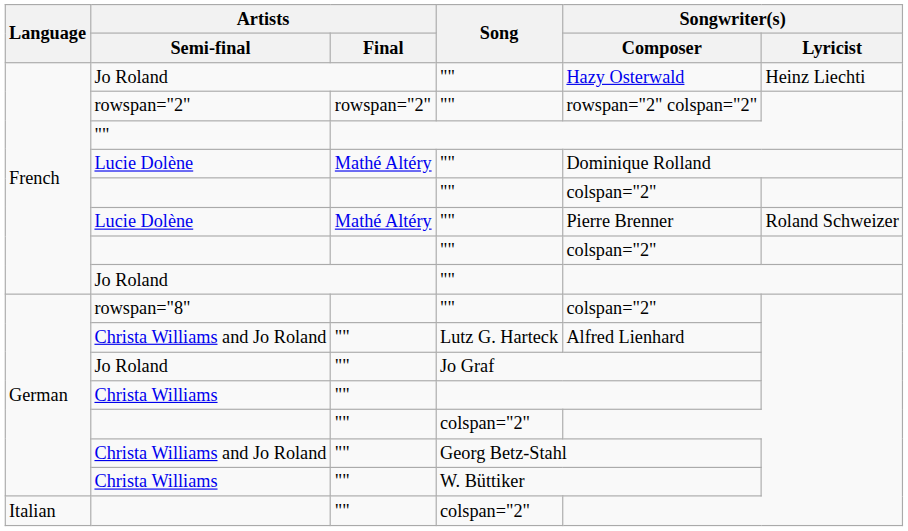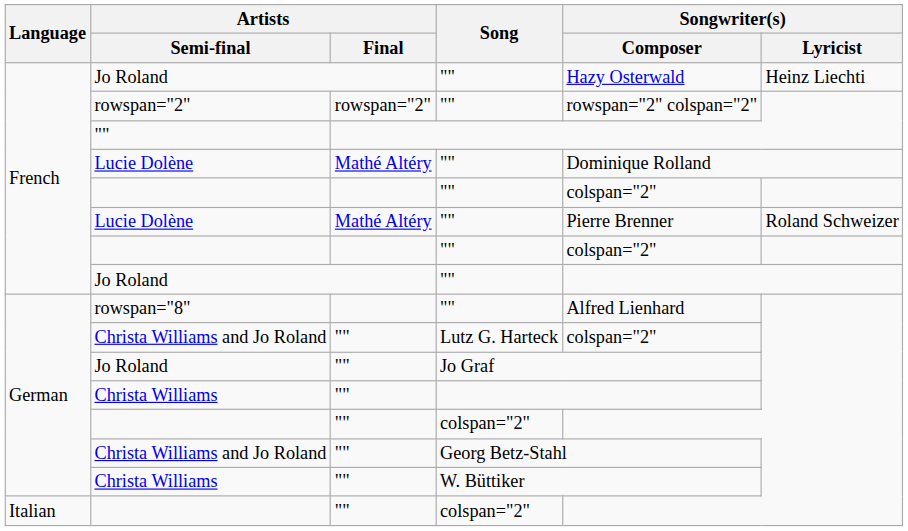 <table class="sortable wikitable" style="margin: 1em auto 1em auto; text-align:left">
 <tr>
 <th rowspan="2">Language</th>
 <th colspan="2">Artists</th>
 <th rowspan="2">Song</th>
 <th colspan="2">Songwriter(s)</th>
 </tr>
 <tr>
 <th>Semi-final</th>
 <th>Final</th>
 <th>Composer</th>
 <th>Lyricist</th>
 </tr>
 <tr>
 <td rowspan="8">French</td>
 <td colspan="2">Jo Roland</td>
 <td>""</td>
 <td><a href='#'>Hazy Osterwald</a></td>
 <td>Heinz Liechti</td>
 </tr>
 <tr>
 <td>rowspan="2" </td>
 <td>rowspan="2" </td>
 <td>""</td>
 <td>rowspan="2" colspan="2" </td>
 </tr>
 <tr>
 <td>""</td>
 </tr>
 <tr>
 <td><a href='#'>Lucie Dolène</a></td>
 <td><a href='#'>Mathé Altéry</a></td>
 <td>""</td>
 <td colspan="2">Dominique Rolland</td>
 </tr>
 <tr>
 <td></td>
 <td></td>
 <td>""</td>
 <td>colspan="2" </td>
 </tr>
 <tr>
 <td><a href='#'>Lucie Dolène</a></td>
 <td><a href='#'>Mathé Altéry</a></td>
 <td>""</td>
 <td>Pierre Brenner</td>
 <td>Roland Schweizer</td>
 </tr>
 <tr>
 <td></td>
 <td></td>
 <td>""</td>
 <td>colspan="2" </td>
 </tr>
 <tr>
 <td colspan="2">Jo Roland</td>
 <td>""</td>
 <td colspan="2"></td>
 </tr>
 <tr>
 <td rowspan="7">German</td>
 <td>rowspan="8" </td>
 <td></td>
 <td>""</td>
-<td>colspan="2" </td>
+<td>Alfred Lienhard</td>
 </tr>
 <tr>
 <td><a href='#'>Christa Williams</a> and Jo Roland</td>
 <td>""</td>
 <td>Lutz G. Harteck</td>
-<td>Alfred Lienhard</td>
+<td>colspan="2" </td>
 </tr>
 <tr>
 <td>Jo Roland</td>
 <td>""</td>
 <td colspan="2">Jo Graf</td>
 </tr>
 <tr>
 <td><a href='#'>Christa Williams</a></td>
 <td>""</td>
 <td colspan="2"></td>
 </tr>
 <tr>
 <td></td>
 <td>""</td>
 <td>colspan="2" </td>
 </tr>
 <tr>
 <td><a href='#'>Christa Williams</a> and Jo Roland</td>
 <td>""</td>
 <td colspan="2">Georg Betz-Stahl</td>
 </tr>
 <tr>
 <td><a href='#'>Christa Williams</a></td>
 <td>""</td>
 <td colspan="2">W. Büttiker</td>
 </tr>
 <tr>
 <td>Italian</td>
 <td></td>
 <td>""</td>
 <td>colspan="2" </td>
 </tr>
 </table>
